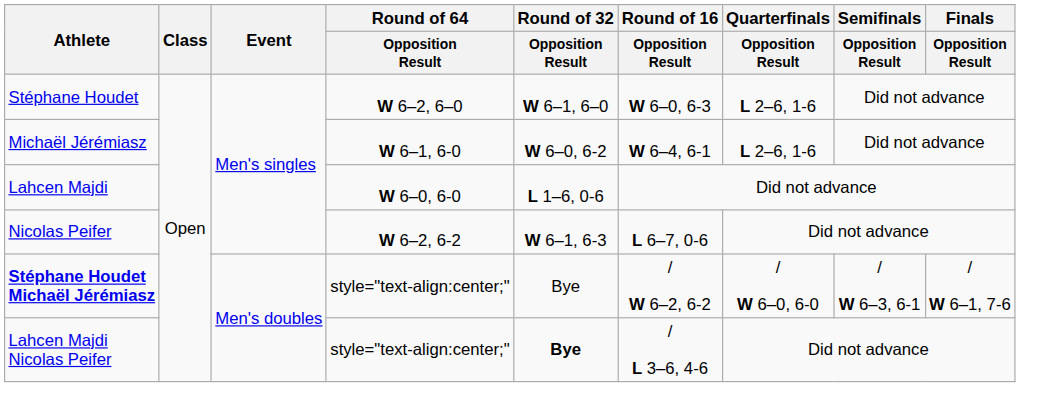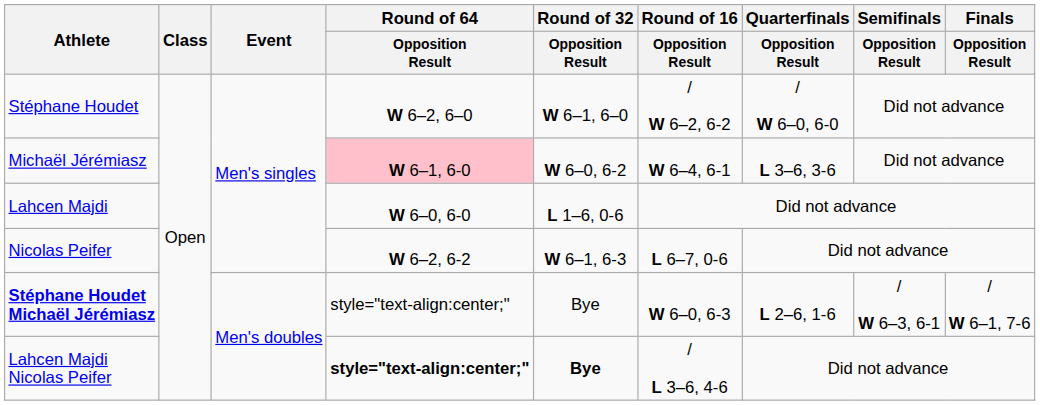 <table class=wikitable style="font-size:90%">
 <tr>
 <th rowspan="2">Athlete</th>
 <th rowspan="2">Class</th>
 <th rowspan="2">Event</th>
 <th>Round of 64</th>
 <th>Round of 32</th>
 <th>Round of 16</th>
 <th>Quarterfinals</th>
 <th>Semifinals</th>
 <th>Finals</th>
 </tr>
 <tr>
 <th style="line-height:1em"><small>Opposition<br>Result</small></th>
 <th style="line-height:1em"><small>Opposition<br>Result</small></th>
 <th style="line-height:1em"><small>Opposition<br>Result</small></th>
 <th style="line-height:1em"><small>Opposition<br>Result</small></th>
 <th style="line-height:1em"><small>Opposition<br>Result</small></th>
 <th style="line-height:1em"><small>Opposition<br>Result</small></th>
 </tr>
 <tr>
 <td><a href='#'>Stéphane Houdet</a></td>
 <td rowspan="6" style="text-align:center;">Open</td>
 <td rowspan="4"><a href='#'>Men's singles</a></td>
 <td style="text-align:center;"><br><strong>W</strong> 6–2, 6–0</td>
 <td style="text-align:center;"><br><strong>W</strong> 6–1, 6–0</td>
-<td style="text-align:center;"><br><strong>W</strong> 6–0, 6-3</td>
-<td style="text-align:center;"><br><strong>L</strong> 2–6, 1-6</td>
+<td style="text-align:center;"> /<br> <br><strong>W</strong> 6–2, 6-2</td>
+<td style="text-align:center;"> /<br> <br><strong>W</strong> 6–0, 6-0</td>
 <td style="text-align:center;" colspan="2">Did not advance</td>
 </tr>
 <tr>
 <td><a href='#'>Michaël Jérémiasz</a></td>
-<td style="text-align:center;"><br><strong>W</strong> 6–1, 6-0</td>
+<td style="background: pink; text-align:center;"><br><strong>W</strong> 6–1, 6-0</td>
 <td style="text-align:center;"><br><strong>W</strong> 6–0, 6-2</td>
 <td style="text-align:center;"><br><strong>W</strong> 6–4, 6-1</td>
-<td style="text-align:center;"><br><strong>L</strong> 2–6, 1-6</td>
+<td style="text-align:center;"><br><strong>L</strong> 3–6, 3-6</td>
 <td style="text-align:center;" colspan="2">Did not advance</td>
 </tr>
 <tr>
 <td><a href='#'>Lahcen Majdi</a></td>
 <td style="text-align:center;"><br><strong>W</strong> 6–0, 6-0</td>
 <td style="text-align:center;"><br><strong>L</strong> 1–6, 0-6</td>
 <td style="text-align:center;" colspan="4">Did not advance</td>
 </tr>
 <tr>
 <td><a href='#'>Nicolas Peifer</a></td>
 <td style="text-align:center;"><br><strong>W</strong> 6–2, 6-2</td>
 <td style="text-align:center;"><br><strong>W</strong> 6–1, 6-3</td>
 <td style="text-align:center;"><br><strong>L</strong> 6–7, 0-6</td>
 <td style="text-align:center;" colspan="3">Did not advance</td>
 </tr>
 <tr>
 <td><strong><a href='#'>Stéphane Houdet</a></strong><br> <strong><a href='#'>Michaël Jérémiasz</a></strong></td>
 <td rowspan="2"><a href='#'>Men's doubles</a></td>
 <td>style="text-align:center;" </td>
 <td style="text-align:center;">Bye</td>
-<td style="text-align:center;"> /<br> <br><strong>W</strong> 6–2, 6-2</td>
-<td style="text-align:center;"> /<br> <br><strong>W</strong> 6–0, 6-0</td>
+<td style="text-align:center;"><br><strong>W</strong> 6–0, 6-3</td>
+<td style="text-align:center;"><br><strong>L</strong> 2–6, 1-6</td>
 <td style="text-align:center;"> /<br> <br><strong>W</strong> 6–3, 6-1</td>
 <td style="text-align:center;"> /<br> <br><strong>W</strong> 6–1, 7-6 </td>
 </tr>
 <tr>
 <td><a href='#'>Lahcen Majdi</a><br> <a href='#'>Nicolas Peifer</a></td>
-<td>style="text-align:center;" </td>
+<td><strong>style="text-align:center;" </strong></td>
 <td style="text-align:center;"><strong>Bye</strong></td>
 <td style="text-align:center;"> /<br> <br><strong>L</strong> 3–6, 4-6</td>
 <td style="text-align:center;" colspan="3">Did not advance</td>
 </tr>
 </table>
